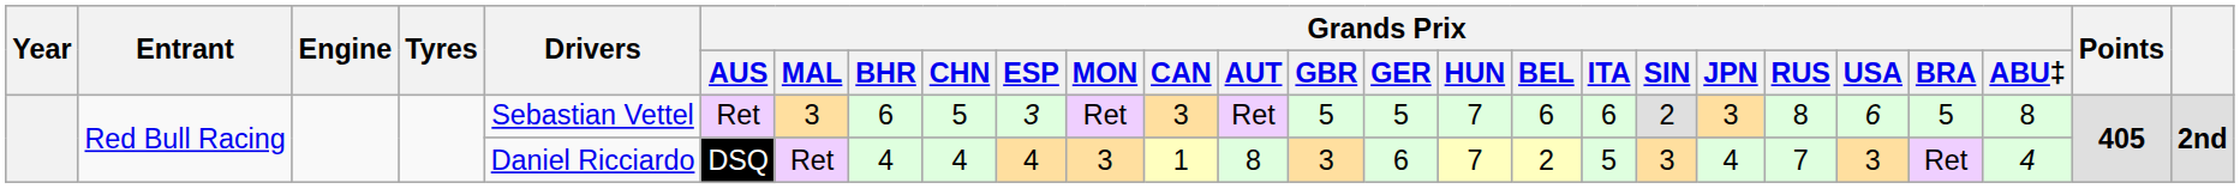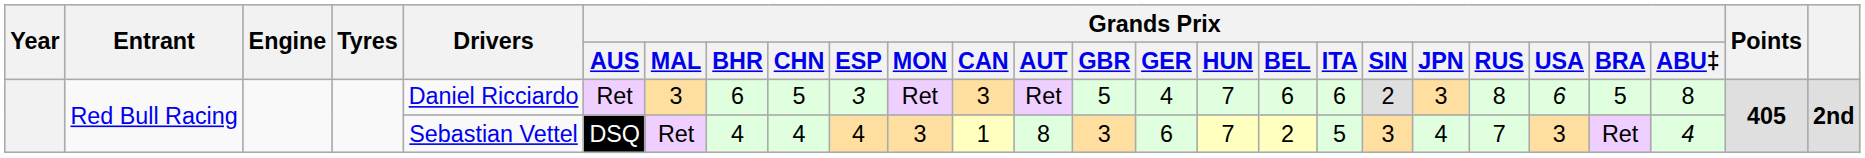 <table class="wikitable" style="text-align:center; font-size:90%">
 <tr>
 <th rowspan="2">Year</th>
 <th rowspan="2">Entrant</th>
 <th rowspan="2">Engine</th>
 <th rowspan="2">Tyres</th>
 <th rowspan="2">Drivers</th>
 <th colspan="19">Grands Prix</th>
 <th rowspan="2">Points</th>
 <th rowspan="2"></th>
 </tr>
 <tr>
 <th><a href='#'>AUS</a></th>
 <th><a href='#'>MAL</a></th>
 <th><a href='#'>BHR</a></th>
 <th><a href='#'>CHN</a></th>
 <th><a href='#'>ESP</a></th>
 <th><a href='#'>MON</a></th>
 <th><a href='#'>CAN</a></th>
 <th><a href='#'>AUT</a></th>
 <th><a href='#'>GBR</a></th>
 <th><a href='#'>GER</a></th>
 <th><a href='#'>HUN</a></th>
 <th><a href='#'>BEL</a></th>
 <th><a href='#'>ITA</a></th>
 <th><a href='#'>SIN</a></th>
 <th><a href='#'>JPN</a></th>
 <th><a href='#'>RUS</a></th>
 <th><a href='#'>USA</a></th>
 <th><a href='#'>BRA</a></th>
 <th><a href='#'>ABU</a>‡</th>
 </tr>
 <tr>
 <th rowspan=2></th>
 <td rowspan=2><a href='#'>Red Bull Racing</a></td>
 <td rowspan=2><br></td>
 <td rowspan=2></td>
-<td> <a href='#'>Sebastian Vettel</a></td>
+<td> <a href='#'>Daniel Ricciardo</a></td>
 <td style="background-color:#efcfff">Ret</td>
 <td style="background-color:#ffdf9f">3</td>
 <td style="background-color:#dfffdf">6</td>
 <td style="background-color:#dfffdf">5</td>
 <td style="background-color:#dfffdf"><em>3</em></td>
 <td style="background-color:#efcfff">Ret</td>
 <td style="background-color:#ffdf9f">3</td>
 <td style="background-color:#efcfff">Ret</td>
 <td style="background-color:#dfffdf">5</td>
-<td style="background-color:#dfffdf">5</td>
+<td style="background-color:#dfffdf">4</td>
 <td style="background-color:#dfffdf">7</td>
 <td style="background-color:#dfffdf">6</td>
 <td style="background-color:#dfffdf">6</td>
 <td style="background-color:#dfdfdf">2</td>
 <td style="background-color:#ffdf9f">3</td>
 <td style="background-color:#dfffdf">8</td>
 <td style="background-color:#dfffdf"><em>6</em></td>
 <td style="background-color:#dfffdf">5</td>
 <td style="background-color:#dfffdf">8</td>
 <td style="background-color:#DFDFDF" rowspan="2"><strong>405</strong></td>
 <td style="background-color:#DFDFDF" rowspan="2"><strong>2nd</strong></td>
 </tr>
 <tr>
-<td> <a href='#'>Daniel Ricciardo</a></td>
+<td> <a href='#'>Sebastian Vettel</a></td>
 <td style="background-color:#000000; color:white">DSQ</td>
 <td style="background-color:#efcfff">Ret</td>
 <td style="background-color:#dfffdf">4</td>
 <td style="background-color:#dfffdf">4</td>
 <td style="background-color:#ffdf9f">4</td>
 <td style="background-color:#ffdf9f">3</td>
 <td style="background-color:#ffffbf">1</td>
 <td style="background-color:#dfffdf">8</td>
 <td style="background-color:#ffdf9f">3</td>
 <td style="background-color:#dfffdf">6</td>
 <td style="background-color:#ffffbf">7</td>
 <td style="background-color:#ffffbf">2</td>
 <td style="background-color:#dfffdf">5</td>
 <td style="background-color:#ffdf9f">3</td>
 <td style="background-color:#dfffdf">4</td>
 <td style="background-color:#dfffdf">7</td>
 <td style="background-color:#ffdf9f">3</td>
 <td style="background-color:#efcfff">Ret</td>
 <td style="background-color:#dfffdf"><em>4</em></td>
 </tr>
 </table>
